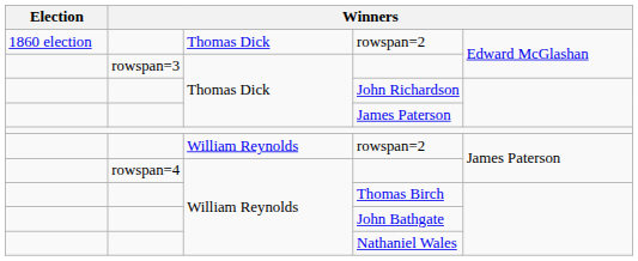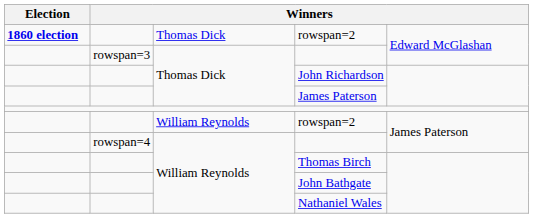 <table class=wikitable>
 <tr>
 <th width=100>Election</th>
 <th colspan=4>Winners</th>
 </tr>
 <tr>
-<td><a href='#'>1860 election</a></td>
+<td><strong><a href='#'>1860 election</a></strong></td>
 <td></td>
 <td width=170><a href='#'>Thomas Dick</a></td>
 <td>rowspan=2 </td>
 <td width=170 rowspan=2><a href='#'>Edward McGlashan</a></td>
 </tr>
 <tr>
 <td></td>
 <td>rowspan=3 </td>
 <td rowspan=3>Thomas Dick</td>
 </tr>
 <tr>
 <td></td>
 <td></td>
 <td><a href='#'>John Richardson</a></td>
 </tr>
 <tr>
 <td></td>
 <td></td>
 <td><a href='#'>James Paterson</a></td>
 </tr>
 <tr>
 <td colspan=5 align=center></td>
 </tr>
 <tr>
 <td></td>
 <td></td>
 <td><a href='#'>William Reynolds</a></td>
 <td>rowspan=2 </td>
 <td rowspan=2>James Paterson</td>
 </tr>
 <tr>
 <td></td>
 <td>rowspan=4 </td>
 <td rowspan=4>William Reynolds</td>
 </tr>
 <tr>
 <td></td>
 <td></td>
 <td><a href='#'>Thomas Birch</a></td>
 </tr>
 <tr>
 <td></td>
 <td></td>
 <td><a href='#'>John Bathgate</a></td>
 </tr>
 <tr>
 <td></td>
 <td></td>
 <td><a href='#'>Nathaniel Wales</a></td>
 </tr>
 </table>
